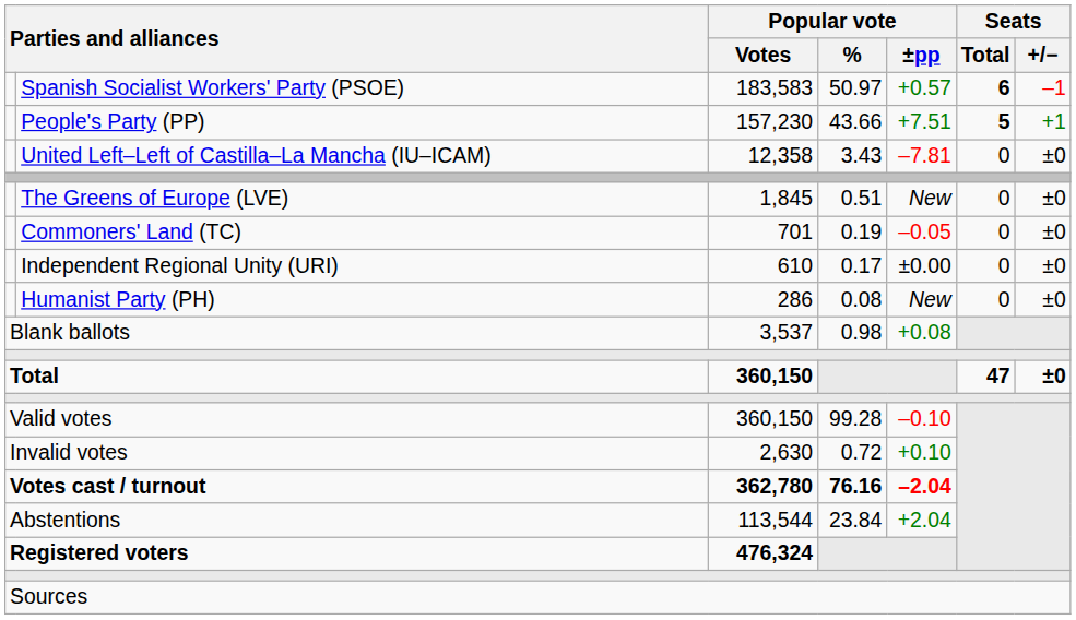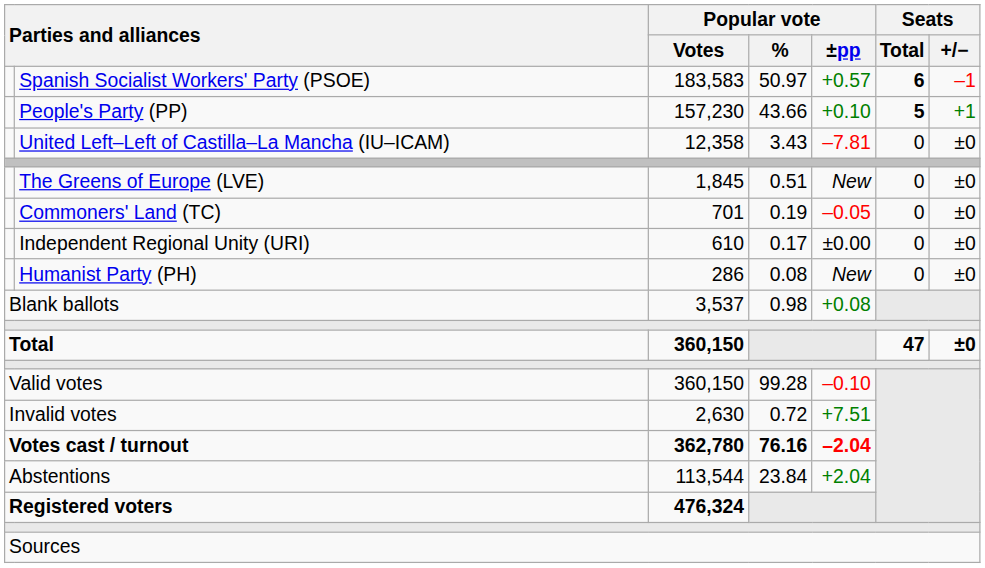 <table class="wikitable" style="text-align:right;">
 <tr>
 <th style="text-align:left;" rowspan="2" colspan="2" width="525">Parties and alliances</th>
 <th colspan="3">Popular vote</th>
 <th colspan="2">Seats</th>
 </tr>
 <tr>
 <th width="75">Votes</th>
 <th width="45">%</th>
 <th width="45">±<a href='#'>pp</a></th>
 <th width="35">Total</th>
 <th width="35">+/−</th>
 </tr>
 <tr>
 <td width="1" style="color:inherit;background:"></td>
 <td align="left"><a href='#'>Spanish Socialist Workers' Party</a> (PSOE)</td>
 <td>183,583</td>
 <td>50.97</td>
 <td style="color:green;">+0.57</td>
 <td><strong>6</strong></td>
 <td style="color:red;">–1</td>
 </tr>
 <tr>
 <td style="color:inherit;background:"></td>
 <td align="left"><a href='#'>People's Party</a> (PP)</td>
 <td>157,230</td>
 <td>43.66</td>
-<td style="color:green;">+7.51</td>
+<td style="color:green;">+0.10</td>
 <td><strong>5</strong></td>
 <td style="color:green;">+1</td>
 </tr>
 <tr>
 <td style="color:inherit;background:"></td>
 <td align="left"><a href='#'>United Left–Left of Castilla–La Mancha</a> (IU–ICAM)</td>
 <td>12,358</td>
 <td>3.43</td>
 <td style="color:red;">–7.81</td>
 <td>0</td>
 <td>±0</td>
 </tr>
 <tr>
 <td colspan="7" bgcolor="#C0C0C0"></td>
 </tr>
 <tr>
 <td style="color:inherit;background:"></td>
 <td align="left"><a href='#'>The Greens of Europe</a> (LVE)</td>
 <td>1,845</td>
 <td>0.51</td>
 <td><em>New</em></td>
 <td>0</td>
 <td>±0</td>
 </tr>
 <tr>
 <td style="color:inherit;background:"></td>
 <td align="left"><a href='#'>Commoners' Land</a> (TC)</td>
 <td>701</td>
 <td>0.19</td>
 <td style="color:red;">–0.05</td>
 <td>0</td>
 <td>±0</td>
 </tr>
 <tr>
 <td style="color:inherit;background:"></td>
 <td align="left">Independent Regional Unity (URI)</td>
 <td>610</td>
 <td>0.17</td>
 <td>±0.00</td>
 <td>0</td>
 <td>±0</td>
 </tr>
 <tr>
 <td style="color:inherit;background:"></td>
 <td align="left"><a href='#'>Humanist Party</a> (PH)</td>
 <td>286</td>
 <td>0.08</td>
 <td><em>New</em></td>
 <td>0</td>
 <td>±0</td>
 </tr>
 <tr>
 <td align="left" colspan="2">Blank ballots</td>
 <td>3,537</td>
 <td>0.98</td>
 <td style="color:green;">+0.08</td>
 <td bgcolor="#E9E9E9" colspan="2"></td>
 </tr>
 <tr>
 <td colspan="7" bgcolor="#E9E9E9"></td>
 </tr>
 <tr style="font-weight:bold;">
 <td align="left" colspan="2">Total</td>
 <td>360,150</td>
 <td bgcolor="#E9E9E9" colspan="2"></td>
 <td>47</td>
 <td>±0</td>
 </tr>
 <tr>
 <td colspan="7" bgcolor="#E9E9E9"></td>
 </tr>
 <tr>
 <td align="left" colspan="2">Valid votes</td>
 <td>360,150</td>
 <td>99.28</td>
 <td style="color:red;">–0.10</td>
 <td bgcolor="#E9E9E9" colspan="2" rowspan="5"></td>
 </tr>
 <tr>
 <td align="left" colspan="2">Invalid votes</td>
 <td>2,630</td>
 <td>0.72</td>
-<td style="color:green;">+0.10</td>
+<td style="color:green;">+7.51</td>
 </tr>
 <tr style="font-weight:bold;">
 <td align="left" colspan="2">Votes cast / turnout</td>
 <td>362,780</td>
 <td>76.16</td>
 <td style="color:red;">–2.04</td>
 </tr>
 <tr>
 <td align="left" colspan="2">Abstentions</td>
 <td>113,544</td>
 <td>23.84</td>
 <td style="color:green;">+2.04</td>
 </tr>
 <tr style="font-weight:bold;">
 <td align="left" colspan="2">Registered voters</td>
 <td>476,324</td>
 <td bgcolor="#E9E9E9" colspan="2"></td>
 </tr>
 <tr>
 <td colspan="7" bgcolor="#E9E9E9"></td>
 </tr>
 <tr>
 <td align="left" colspan="7">Sources</td>
 </tr>
 </table>
